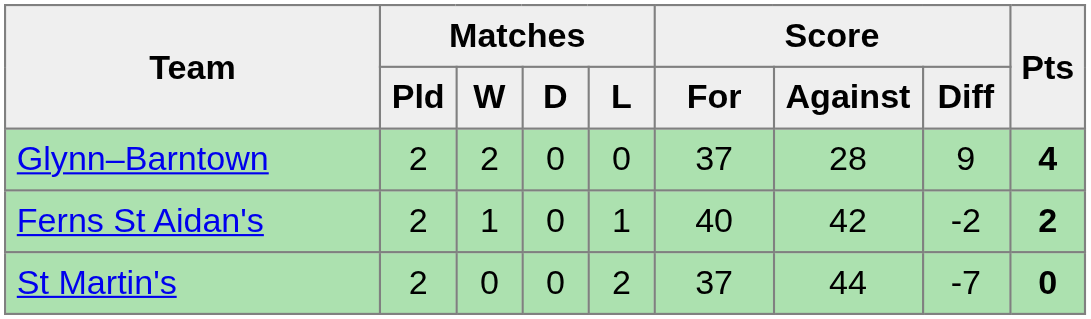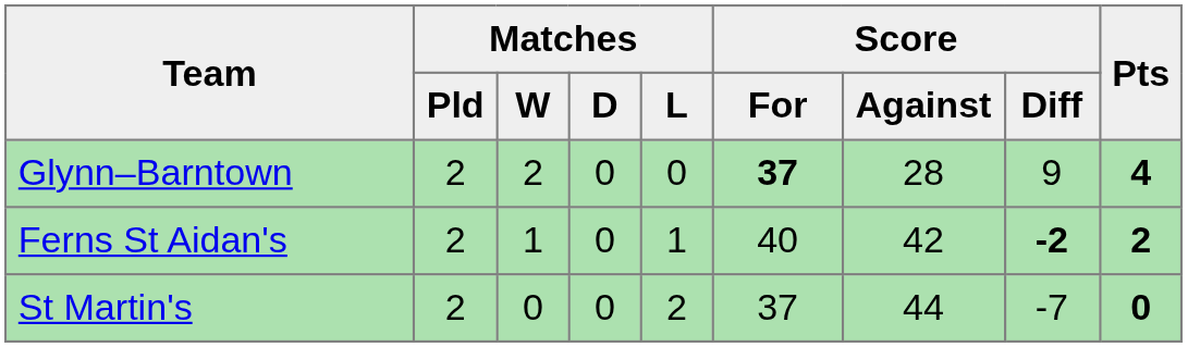 <table style=border-collapse:collapse border=1 cellspacing=0 cellpadding=5>
 <tr align=center bgcolor=#efefef>
 <th rowspan=2 width=165>Team</th>
 <th colspan=4>Matches</th>
 <th colspan=3>Score</th>
 <th rowspan=2width=20>Pts</th>
 </tr>
 <tr align=center bgcolor=#efefef>
 <th width=20>Pld</th>
 <th width=20>W</th>
 <th width=20>D</th>
 <th width=20>L</th>
 <th width=45>For</th>
 <th width=45>Against</th>
 <th width=30>Diff</th>
 </tr>
 <tr align=center  style="background:#ACE1AF;">
 <td style="text-align:left;"><a href='#'>Glynn–Barntown</a></td>
 <td>2</td>
 <td>2</td>
 <td>0</td>
 <td>0</td>
-<td>37</td>
+<td><strong>37</strong></td>
 <td>28</td>
 <td>9</td>
 <td><strong>4</strong></td>
 </tr>
 <tr align=center  style="background:#ACE1AF;">
 <td style="text-align:left;"><a href='#'>Ferns St Aidan's</a></td>
 <td>2</td>
 <td>1</td>
 <td>0</td>
 <td>1</td>
 <td>40</td>
 <td>42</td>
-<td>-2</td>
+<td><strong>-2</strong></td>
 <td><strong>2</strong></td>
 </tr>
 <tr align=center  style="background:#ACE1AF;">
 <td style="text-align:left;"><a href='#'>St Martin's</a></td>
 <td>2</td>
 <td>0</td>
 <td>0</td>
 <td>2</td>
 <td>37</td>
 <td>44</td>
 <td>-7</td>
 <td><strong>0</strong></td>
 </tr>
 </table>
